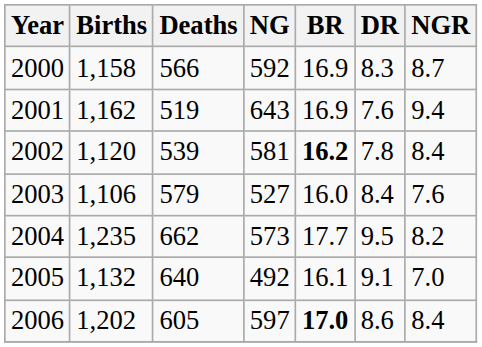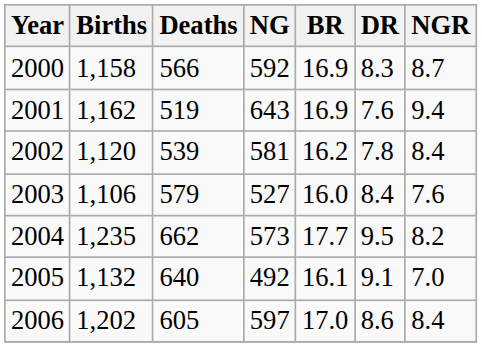 <table class="wikitable">
 <tr>
 <th>Year</th>
 <th>Births</th>
 <th>Deaths</th>
 <th>NG</th>
 <th>BR</th>
 <th>DR</th>
 <th>NGR</th>
 </tr>
 <tr --->
 <td>2000</td>
 <td>1,158</td>
 <td>566</td>
 <td>592</td>
 <td>16.9</td>
 <td>8.3</td>
 <td>8.7</td>
 </tr>
 <tr --->
 <td>2001</td>
 <td>1,162</td>
 <td>519</td>
 <td>643</td>
 <td>16.9</td>
 <td>7.6</td>
 <td>9.4</td>
 </tr>
 <tr --->
 <td>2002</td>
 <td>1,120</td>
 <td>539</td>
 <td>581</td>
-<td><strong>16.2</strong></td>
+<td>16.2</td>
 <td>7.8</td>
 <td>8.4</td>
 </tr>
 <tr --->
 <td>2003</td>
 <td>1,106</td>
 <td>579</td>
 <td>527</td>
 <td>16.0</td>
 <td>8.4</td>
 <td>7.6</td>
 </tr>
 <tr --->
 <td>2004</td>
 <td>1,235</td>
 <td>662</td>
 <td>573</td>
 <td>17.7</td>
 <td>9.5</td>
 <td>8.2</td>
 </tr>
 <tr --->
 <td>2005</td>
 <td>1,132</td>
 <td>640</td>
 <td>492</td>
 <td>16.1</td>
 <td>9.1</td>
 <td>7.0</td>
 </tr>
 <tr --->
 <td>2006</td>
 <td>1,202</td>
 <td>605</td>
 <td>597</td>
-<td><strong>17.0</strong></td>
+<td>17.0</td>
 <td>8.6</td>
 <td>8.4</td>
 </tr>
 <tr --->
 </tr>
 </table>
